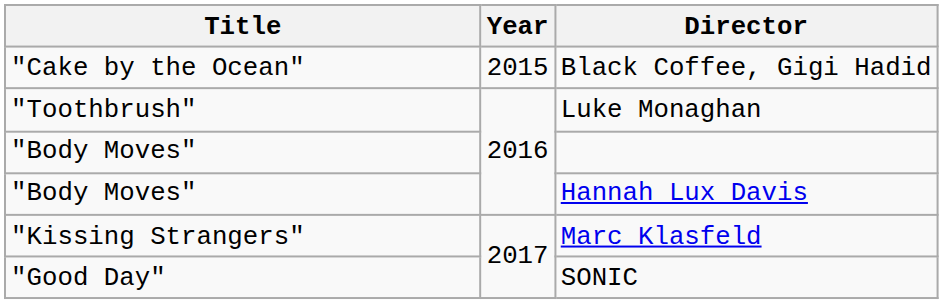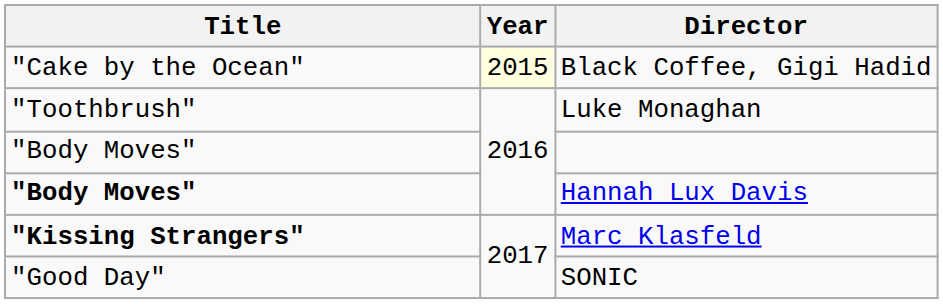 <table class="wikitable">
 <tr>
 <th scope="col" style="width:18em;">Title</th>
 <th>Year</th>
 <th>Director</th>
 </tr>
 <tr>
 <td scope="row">"Cake by the Ocean"</td>
-<td>2015</td>
+<td style="background: lightyellow;">2015</td>
 <td>Black Coffee, Gigi Hadid</td>
 </tr>
 <tr>
 <td scope="row">"Toothbrush"</td>
 <td rowspan="3">2016</td>
 <td>Luke Monaghan</td>
 </tr>
 <tr>
 <td scope="row">"Body Moves" </td>
 <td></td>
 </tr>
 <tr>
-<td scope="row">"Body Moves"</td>
+<td scope="row"><strong>"Body Moves"</strong></td>
 <td><a href='#'>Hannah Lux Davis</a></td>
 </tr>
 <tr>
-<td scope="row">"Kissing Strangers"</td>
+<td scope="row"><strong>"Kissing Strangers"</strong></td>
 <td rowspan="2">2017</td>
 <td><a href='#'>Marc Klasfeld</a></td>
 </tr>
 <tr>
 <td scope="row">"Good Day"</td>
 <td>SONIC</td>
 </tr>
 </table>
